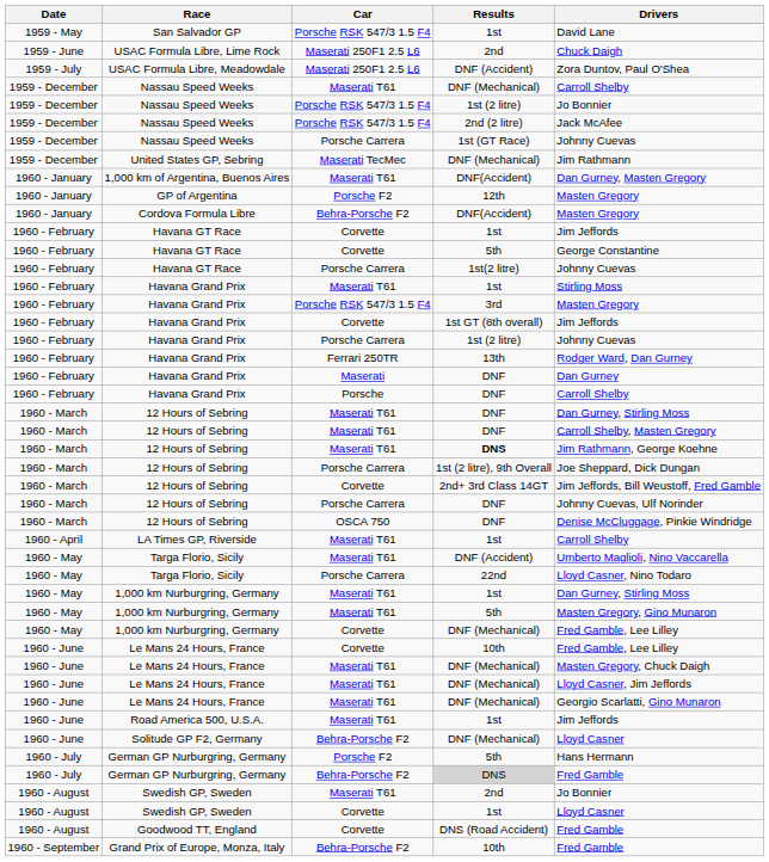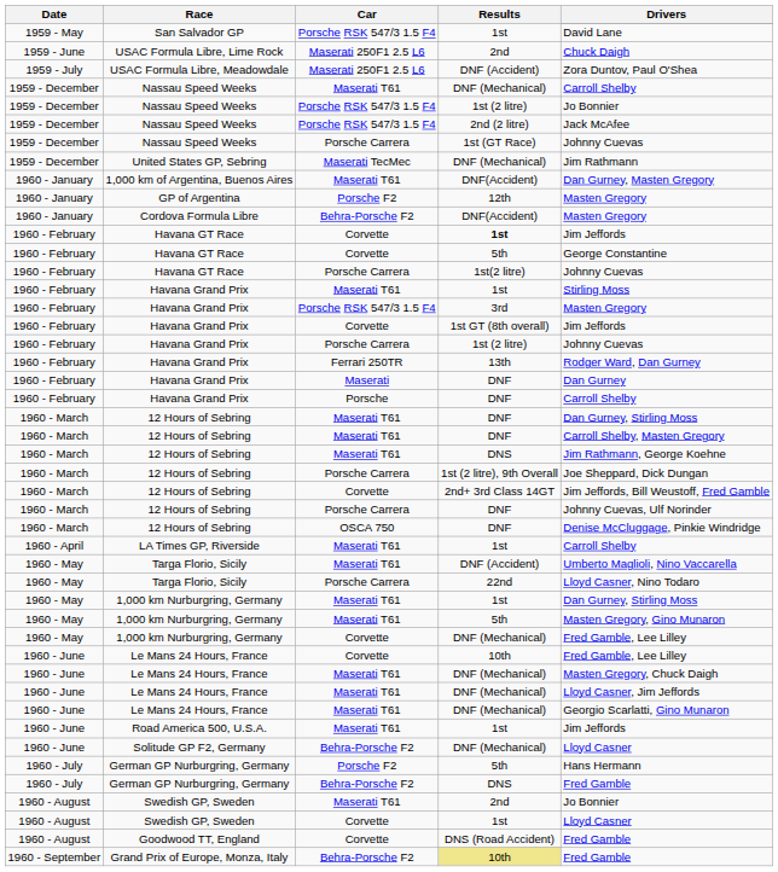 <table class="wikitable" style="text-align:center; font-size:95%">
 <tr>
 <th>Date</th>
 <th>Race</th>
 <th>Car</th>
 <th>Results</th>
 <th>Drivers</th>
 </tr>
 <tr>
 <td rowspan=2>1959 - May</td>
 <td rowspan=2>San Salvador GP</td>
 <td rowspan=2><a href='#'>Porsche</a> <a href='#'>RSK</a> 547/3 1.5 <a href='#'>F4</a></td>
 <td rowspan=3>1st</td>
 </tr>
 <tr>
 <td align="left"> David Lane</td>
 </tr>
 <tr>
 <td rowspan=2>1959 - June</td>
 <td rowspan=2>USAC Formula Libre, Lime Rock</td>
 <td rowspan=2><a href='#'>Maserati</a> 250F1 2.5 <a href='#'>L6</a></td>
 <td rowspan=3 align="left"> <a href='#'>Chuck Daigh</a></td>
 </tr>
 <tr>
 <td>2nd</td>
 </tr>
 <tr>
 <td rowspan=2>1959 - July</td>
 <td rowspan=2>USAC Formula Libre, Meadowdale</td>
 <td rowspan=2><a href='#'>Maserati</a> 250F1 2.5 <a href='#'>L6</a></td>
 <td rowspan=3>DNF (Accident)</td>
 </tr>
 <tr>
 <td align="left"> Zora Duntov,  Paul O'Shea</td>
 </tr>
 <tr>
 <td rowspan=2>1959 - December</td>
 <td rowspan=2>Nassau Speed Weeks</td>
 <td rowspan=2><a href='#'>Maserati</a> T61</td>
 <td rowspan=3 align="left"> <a href='#'>Carroll Shelby</a></td>
 </tr>
 <tr>
 <td>DNF (Mechanical)</td>
 </tr>
 <tr>
 <td rowspan=2>1959 - December</td>
 <td rowspan=2>Nassau Speed Weeks</td>
 <td rowspan=2><a href='#'>Porsche</a> <a href='#'>RSK</a> 547/3 1.5 <a href='#'>F4</a></td>
 <td rowspan=3>1st (2 litre)</td>
 </tr>
 <tr>
 <td align="left"> Jo Bonnier</td>
 </tr>
 <tr>
 <td rowspan=2>1959 - December</td>
 <td rowspan=2>Nassau Speed Weeks</td>
 <td rowspan=2><a href='#'>Porsche</a> <a href='#'>RSK</a> 547/3 1.5 <a href='#'>F4</a></td>
 <td rowspan=3 align="left"> Jack McAfee</td>
 </tr>
 <tr>
 <td>2nd (2 litre)</td>
 </tr>
 <tr>
 <td rowspan=2>1959 - December</td>
 <td rowspan=2>Nassau Speed Weeks</td>
 <td rowspan=2>Porsche Carrera</td>
 <td rowspan=3>1st (GT Race)</td>
 </tr>
 <tr>
 <td align="left"> Johnny Cuevas</td>
 </tr>
 <tr>
 <td rowspan=2>1959 - December</td>
 <td rowspan=2>United States GP, Sebring</td>
 <td rowspan=2><a href='#'>Maserati</a> TecMec</td>
 <td rowspan=3 align="left"> Jim Rathmann</td>
 </tr>
 <tr>
 <td>DNF (Mechanical)</td>
 </tr>
 <tr>
 <td rowspan=2>1960 - January</td>
 <td rowspan=2>1,000 km of Argentina, Buenos Aires</td>
 <td rowspan=2><a href='#'>Maserati</a> T61</td>
 <td rowspan=3>DNF(Accident)</td>
 </tr>
 <tr>
 <td align="left"> <a href='#'>Dan Gurney</a>,  <a href='#'>Masten Gregory</a></td>
 </tr>
 <tr>
 <td rowspan=2>1960 - January</td>
 <td rowspan=2>GP of Argentina</td>
 <td rowspan=2><a href='#'>Porsche</a> F2</td>
 <td rowspan=3 align="left"> <a href='#'>Masten Gregory</a></td>
 </tr>
 <tr>
 <td>12th</td>
 </tr>
 <tr>
 <td rowspan=2>1960 - January</td>
 <td rowspan=2>Cordova Formula Libre</td>
 <td rowspan=2><a href='#'>Behra-Porsche</a> F2</td>
 <td rowspan=3>DNF(Accident)</td>
 </tr>
 <tr>
 <td align="left"> <a href='#'>Masten Gregory</a></td>
 </tr>
 <tr>
 <td rowspan=2>1960 - February</td>
 <td rowspan=2>Havana GT Race</td>
 <td rowspan=2>Corvette</td>
 <td rowspan=3 align="left"> Jim Jeffords</td>
 </tr>
 <tr>
-<td>1st</td>
+<td><strong>1st</strong></td>
 </tr>
 <tr>
 <td rowspan=2>1960 - February</td>
 <td rowspan=2>Havana GT Race</td>
 <td rowspan=2>Corvette</td>
 <td rowspan=3>5th</td>
 </tr>
 <tr>
 <td align="left"> George Constantine</td>
 </tr>
 <tr>
 <td rowspan=2>1960 - February</td>
 <td rowspan=2>Havana GT Race</td>
 <td rowspan=2>Porsche Carrera</td>
 <td rowspan=3 align="left"> Johnny Cuevas</td>
 </tr>
 <tr>
 <td>1st(2 litre)</td>
 </tr>
 <tr>
 <td rowspan=2>1960 - February</td>
 <td rowspan=2>Havana Grand Prix</td>
 <td rowspan=2><a href='#'>Maserati</a> T61</td>
 <td rowspan=3>1st</td>
 </tr>
 <tr>
 <td align="left"> <a href='#'>Stirling Moss</a></td>
 </tr>
 <tr>
 <td rowspan=2>1960 - February</td>
 <td rowspan=2>Havana Grand Prix</td>
 <td rowspan=2><a href='#'>Porsche</a> <a href='#'>RSK</a> 547/3 1.5 <a href='#'>F4</a></td>
 <td rowspan=3 align="left"> <a href='#'>Masten Gregory</a></td>
 </tr>
 <tr>
 <td>3rd</td>
 </tr>
 <tr>
 <td rowspan=2>1960 - February</td>
 <td rowspan=2>Havana Grand Prix</td>
 <td rowspan=2>Corvette</td>
 <td rowspan=3>1st GT (8th overall)</td>
 </tr>
 <tr>
 <td align="left"> Jim Jeffords</td>
 </tr>
 <tr>
 <td rowspan=2>1960 - February</td>
 <td rowspan=2>Havana Grand Prix</td>
 <td rowspan=2>Porsche Carrera</td>
 <td rowspan=3 align="left"> Johnny Cuevas</td>
 </tr>
 <tr>
 <td>1st (2 litre)</td>
 </tr>
 <tr>
 <td rowspan=2>1960 - February</td>
 <td rowspan=2>Havana Grand Prix</td>
 <td rowspan=2>Ferrari 250TR</td>
 <td rowspan=3>13th</td>
 </tr>
 <tr>
 <td align="left"> <a href='#'>Rodger Ward</a>,  <a href='#'>Dan Gurney</a></td>
 </tr>
 <tr>
 <td rowspan=2>1960 - February</td>
 <td rowspan=2>Havana Grand Prix</td>
 <td rowspan=2><a href='#'>Maserati</a></td>
 <td rowspan=3 align="left"> <a href='#'>Dan Gurney</a></td>
 </tr>
 <tr>
 <td>DNF</td>
 </tr>
 <tr>
 <td rowspan=2>1960 - February</td>
 <td rowspan=2>Havana Grand Prix</td>
 <td rowspan=2>Porsche</td>
 <td rowspan=3>DNF</td>
 </tr>
 <tr>
 <td align="left"> <a href='#'>Carroll Shelby</a></td>
 </tr>
 <tr>
 <td rowspan=2>1960 - March</td>
 <td rowspan=2>12 Hours of Sebring</td>
 <td rowspan=2><a href='#'>Maserati</a> T61</td>
 <td rowspan=3 align="left"> <a href='#'>Dan Gurney</a>,  <a href='#'>Stirling Moss</a></td>
 </tr>
 <tr>
 <td>DNF</td>
 </tr>
 <tr>
 <td rowspan=2>1960 - March</td>
 <td rowspan=2>12 Hours of Sebring</td>
 <td rowspan=2><a href='#'>Maserati</a> T61</td>
 <td rowspan=3>DNF</td>
 </tr>
 <tr>
 <td align="left"> <a href='#'>Carroll Shelby</a>,  <a href='#'>Masten Gregory</a></td>
 </tr>
 <tr>
 <td rowspan=2>1960 - March</td>
 <td rowspan=2>12 Hours of Sebring</td>
 <td rowspan=2><a href='#'>Maserati</a> T61</td>
 <td rowspan=3 align="left"> <a href='#'>Jim Rathmann</a>,  George Koehne</td>
 </tr>
 <tr>
-<td><strong>DNS</strong></td>
+<td>DNS</td>
 </tr>
 <tr>
 <td rowspan=2>1960 - March</td>
 <td rowspan=2>12 Hours of Sebring</td>
 <td rowspan=2>Porsche Carrera</td>
 <td rowspan=3>1st (2 litre), 9th Overall</td>
 </tr>
 <tr>
 <td align="left"> Joe Sheppard,  Dick Dungan</td>
 </tr>
 <tr>
 <td rowspan=2>1960 - March</td>
 <td rowspan=2>12 Hours of Sebring</td>
 <td rowspan=2>Corvette</td>
 <td rowspan=3 align="left"> Jim Jeffords,  Bill Weustoff,  <a href='#'>Fred Gamble</a></td>
 </tr>
 <tr>
 <td>2nd+ 3rd Class 14GT</td>
 </tr>
 <tr>
 <td rowspan=2>1960 - March</td>
 <td rowspan=2>12 Hours of Sebring</td>
 <td rowspan=2>Porsche Carrera</td>
 <td rowspan=3>DNF</td>
 </tr>
 <tr>
 <td align="left"> Johnny Cuevas, Ulf Norinder</td>
 </tr>
 <tr>
 <td rowspan=2>1960 - March</td>
 <td rowspan=2>12 Hours of Sebring</td>
 <td rowspan=2>OSCA 750</td>
 <td rowspan=3 align="left"> <a href='#'>Denise McCluggage</a>,  Pinkie Windridge</td>
 </tr>
 <tr>
 <td>DNF</td>
 </tr>
 <tr>
 <td rowspan=2>1960 - April</td>
 <td rowspan=2>LA Times GP, Riverside</td>
 <td rowspan=2><a href='#'>Maserati</a> T61</td>
 <td rowspan=3>1st</td>
 </tr>
 <tr>
 <td align="left"> <a href='#'>Carroll Shelby</a></td>
 </tr>
 <tr>
 <td rowspan=2>1960 - May</td>
 <td rowspan=2>Targa Florio, Sicily</td>
 <td rowspan=2><a href='#'>Maserati</a> T61</td>
 <td rowspan=3 align="left"> <a href='#'>Umberto Maglioli</a>,  <a href='#'>Nino Vaccarella</a></td>
 </tr>
 <tr>
 <td>DNF (Accident)</td>
 </tr>
 <tr>
 <td rowspan=2>1960 - May</td>
 <td rowspan=2>Targa Florio, Sicily</td>
 <td rowspan=2>Porsche Carrera</td>
 <td rowspan=3>22nd</td>
 </tr>
 <tr>
 <td align="left"> <a href='#'>Lloyd Casner</a>,  Nino Todaro</td>
 </tr>
 <tr>
 <td rowspan=2>1960 - May</td>
 <td rowspan=2>1,000 km Nurburgring, Germany</td>
 <td rowspan=2><a href='#'>Maserati</a> T61</td>
 <td rowspan=3 align="left"> <a href='#'>Dan Gurney</a>,  <a href='#'>Stirling Moss</a></td>
 </tr>
 <tr>
 <td>1st</td>
 </tr>
 <tr>
 <td rowspan=2>1960 - May</td>
 <td rowspan=2>1,000 km Nurburgring, Germany</td>
 <td rowspan=2><a href='#'>Maserati</a> T61</td>
 <td rowspan=3>5th</td>
 </tr>
 <tr>
 <td align="left"> <a href='#'>Masten Gregory</a>,  <a href='#'>Gino Munaron</a></td>
 </tr>
 <tr>
 <td rowspan=2>1960 - May</td>
 <td rowspan=2>1,000 km Nurburgring, Germany</td>
 <td rowspan=2>Corvette</td>
 <td rowspan=3 align="left"> <a href='#'>Fred Gamble</a>,  Lee Lilley</td>
 </tr>
 <tr>
 <td>DNF (Mechanical)</td>
 </tr>
 <tr>
 <td rowspan=2>1960 - June</td>
 <td rowspan=2>Le Mans 24 Hours, France</td>
 <td rowspan=2>Corvette</td>
 <td rowspan=3>10th</td>
 </tr>
 <tr>
 <td align="left"> <a href='#'>Fred Gamble</a>,  Lee Lilley</td>
 </tr>
 <tr>
 <td rowspan=2>1960 - June</td>
 <td rowspan=2>Le Mans 24 Hours, France</td>
 <td rowspan=2><a href='#'>Maserati</a> T61</td>
 <td rowspan=3 align="left"> <a href='#'>Masten Gregory</a>,  Chuck Daigh</td>
 </tr>
 <tr>
 <td>DNF (Mechanical)</td>
 </tr>
 <tr>
 <td rowspan=2>1960 - June</td>
 <td rowspan=2>Le Mans 24 Hours, France</td>
 <td rowspan=2><a href='#'>Maserati</a> T61</td>
 <td rowspan=3>DNF (Mechanical)</td>
 </tr>
 <tr>
 <td align="left"> <a href='#'>Lloyd Casner</a>,  Jim Jeffords</td>
 </tr>
 <tr>
 <td rowspan=2>1960 - June</td>
 <td rowspan=2>Le Mans 24 Hours, France</td>
 <td rowspan=2><a href='#'>Maserati</a> T61</td>
 <td rowspan=3 align="left"> Georgio Scarlatti,  <a href='#'>Gino Munaron</a></td>
 </tr>
 <tr>
 <td>DNF (Mechanical)</td>
 </tr>
 <tr>
 <td rowspan=2>1960 - June</td>
 <td rowspan=2>Road America 500, U.S.A.</td>
 <td rowspan=2><a href='#'>Maserati</a> T61</td>
 <td rowspan=3>1st</td>
 </tr>
 <tr>
 <td align="left"> Jim Jeffords</td>
 </tr>
 <tr>
 <td rowspan=2>1960 - June</td>
 <td rowspan=2>Solitude GP F2, Germany</td>
 <td rowspan=2><a href='#'>Behra-Porsche</a> F2</td>
 <td rowspan=3 align="left"> <a href='#'>Lloyd Casner</a></td>
 </tr>
 <tr>
 <td>DNF (Mechanical)</td>
 </tr>
 <tr>
 <td rowspan=2>1960 - July</td>
 <td rowspan=2>German GP Nurburgring, Germany</td>
 <td rowspan=2><a href='#'>Porsche</a> F2</td>
 <td rowspan=3>5th</td>
 </tr>
 <tr>
 <td align="left"> Hans Hermann</td>
 </tr>
 <tr>
 <td rowspan=2>1960 - July</td>
 <td rowspan=2>German GP Nurburgring, Germany</td>
 <td rowspan=2><a href='#'>Behra-Porsche</a> F2</td>
 <td rowspan=3 align="left"> <a href='#'>Fred Gamble</a></td>
 </tr>
 <tr>
-<td style="background: lightgrey;">DNS</td>
+<td>DNS</td>
 </tr>
 <tr>
 <td rowspan=2>1960 - August</td>
 <td rowspan=2>Swedish GP, Sweden</td>
 <td rowspan=2><a href='#'>Maserati</a> T61</td>
 <td rowspan=3>2nd</td>
 </tr>
 <tr>
 <td align="left"> Jo Bonnier</td>
 </tr>
 <tr>
 <td rowspan=2>1960 - August</td>
 <td rowspan=2>Swedish GP, Sweden</td>
 <td rowspan=2>Corvette</td>
 <td rowspan=3 align="left"> <a href='#'>Lloyd Casner</a></td>
 </tr>
 <tr>
 <td>1st</td>
 </tr>
 <tr>
 <td rowspan=2>1960 - August</td>
 <td rowspan=2>Goodwood TT, England</td>
 <td rowspan=2>Corvette</td>
 <td rowspan=3>DNS (Road Accident)</td>
 </tr>
 <tr>
 <td align="left"> <a href='#'>Fred Gamble</a></td>
 </tr>
 <tr>
 <td rowspan=2>1960 - September</td>
 <td rowspan=2>Grand Prix of Europe, Monza, Italy</td>
 <td rowspan=2><a href='#'>Behra-Porsche</a> F2</td>
 <td rowspan=3 align="left"> <a href='#'>Fred Gamble</a></td>
 </tr>
 <tr>
-<td>10th</td>
+<td style="background: khaki;">10th</td>
 </tr>
 </table>
